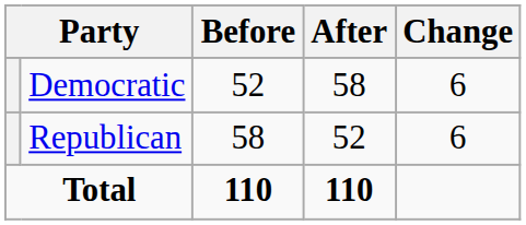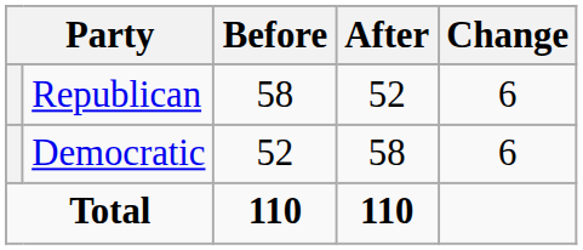 <table class="wikitable" style="text-align:center;">
 <tr>
 <th colspan="2">Party</th>
 <th>Before</th>
 <th>After</th>
 <th>Change</th>
 </tr>
 <tr>
 <th style="background-color:"></th>
-<td style="text-align:left;"><a href='#'>Democratic</a></td>
+<td style="text-align:left;"><a href='#'>Republican</a></td>
+<td>58</td>
 <td>52</td>
-<td>58</td>
 <td> 6</td>
 </tr>
 <tr>
 <th style="background-color:"></th>
-<td style="text-align:left;"><a href='#'>Republican</a></td>
+<td style="text-align:left;"><a href='#'>Democratic</a></td>
+<td>52</td>
 <td>58</td>
-<td>52</td>
 <td> 6</td>
 </tr>
 <tr>
 <td colspan="2"><strong>Total</strong></td>
 <td><strong>110</strong></td>
 <td><strong>110</strong></td>
 <td></td>
 </tr>
 </table>
